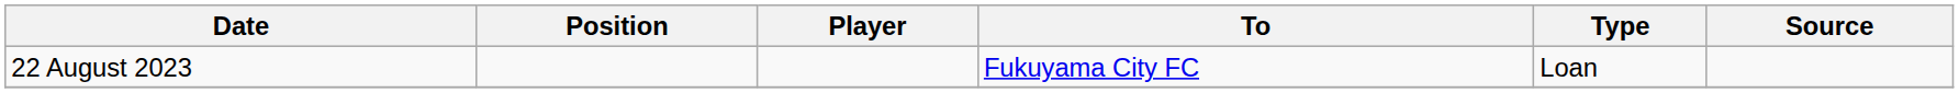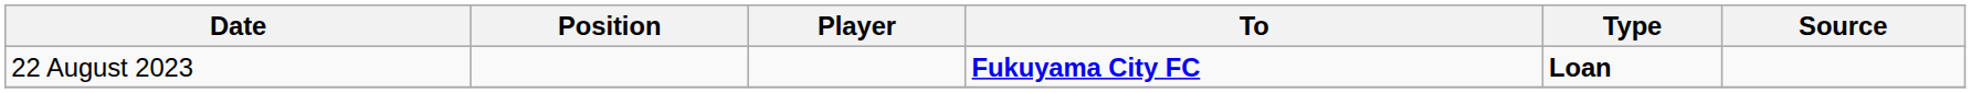 <table class="wikitable sortable" style="width:90%; text-align:center; font-size:95%; text-align:left;">
 <tr>
 <th>Date</th>
 <th>Position</th>
 <th>Player</th>
 <th>To</th>
 <th>Type</th>
 <th>Source</th>
 </tr>
 <tr>
 <td>22 August 2023</td>
 <td></td>
 <td></td>
-<td> <a href='#'>Fukuyama City FC</a></td>
-<td>Loan</td>
+<td><strong> <a href='#'>Fukuyama City FC</a></strong></td>
+<td><strong>Loan</strong></td>
 <td></td>
 </tr>
 <tr>
 </tr>
 </table>
